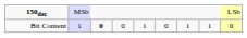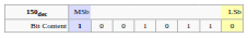 <table class="wikitable float-right" border="1" style="text-align:right; font-size: xx-small;">
 <tr>
 <td style="width:7.7em; text-align:center;"><strong>150<sub>dec</sub></strong></td>
 <td style="width:2.4em; background:#D9DBFF; border-right: hidden;">MSb</td>
 <td style="width:2.4em; border-right: hidden;"></td>
 <td style="width:2.4em; border-right: hidden;"></td>
 <td style="width:2.4em; border-right: hidden;"></td>
 <td style="width:2.4em; border-right: hidden;"></td>
 <td style="width:2.4em; border-right: hidden;"></td>
 <td style="width:2.4em; border-right: hidden;"></td>
 <td style="width:2.4em;background:#FFFFB0;">LSb</td>
 </tr>
 <tr>
 <td>Bit Content</td>
-<td style="text-align:center; background:#D9DBFF;">1</td>
-<td style="text-align:center;"><strong>0</strong></td>
+<td style="text-align:center; background:#D9DBFF;"><strong>1</strong></td>
+<td style="text-align:center;">0</td>
 <td style="text-align:center;">0</td>
 <td style="text-align:center;">1</td>
 <td style="text-align:center;">0</td>
 <td style="text-align:center;">1</td>
 <td style="text-align:center;">1</td>
 <td style="text-align:center;background:#FFFFB0">0</td>
 </tr>
 </table>
